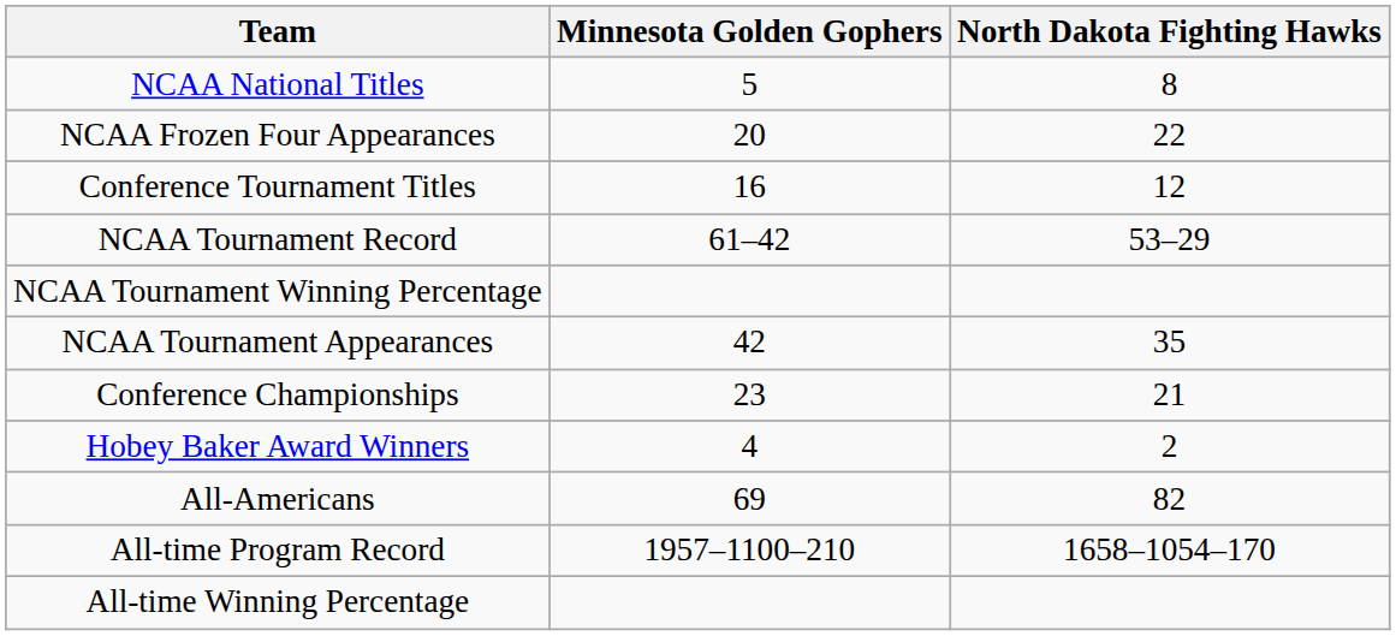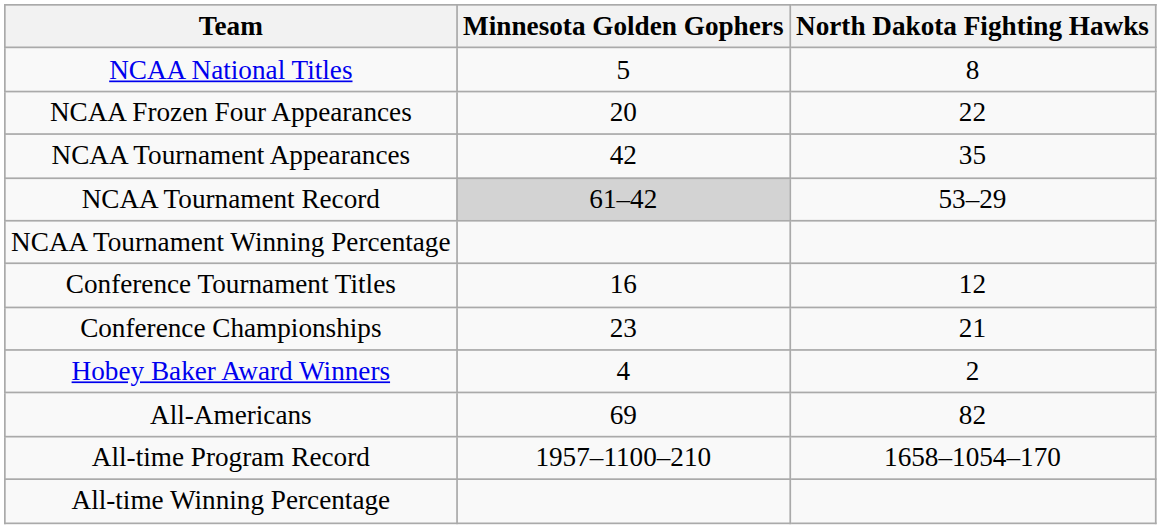 <table class="wikitable" style="text-align:center;">
 <tr>
 <th>Team</th>
 <th>Minnesota Golden Gophers</th>
 <th>North Dakota Fighting Hawks</th>
 </tr>
 <tr>
 <td><a href='#'>NCAA National Titles</a></td>
 <td>5</td>
 <td>8</td>
 </tr>
 <tr>
 <td>NCAA Frozen Four Appearances</td>
 <td>20</td>
 <td>22</td>
 </tr>
 <tr>
-<td>Conference Tournament Titles</td>
-<td>16</td>
-<td>12</td>
+<td>NCAA Tournament Appearances</td>
+<td>42</td>
+<td>35</td>
 </tr>
 <tr>
 <td>NCAA Tournament Record</td>
-<td>61–42</td>
+<td style="background: lightgrey;">61–42</td>
 <td>53–29</td>
 </tr>
 <tr>
 <td>NCAA Tournament Winning Percentage</td>
 <td></td>
 <td></td>
 </tr>
 <tr>
-<td>NCAA Tournament Appearances</td>
-<td>42</td>
-<td>35</td>
+<td>Conference Tournament Titles</td>
+<td>16</td>
+<td>12</td>
 </tr>
 <tr>
 <td>Conference Championships</td>
 <td>23</td>
 <td>21</td>
 </tr>
 <tr>
 <td><a href='#'>Hobey Baker Award Winners</a></td>
 <td>4</td>
 <td>2</td>
 </tr>
 <tr>
 <td>All-Americans</td>
 <td>69</td>
 <td>82</td>
 </tr>
 <tr>
 <td>All-time Program Record</td>
 <td>1957–1100–210</td>
 <td>1658–1054–170</td>
 </tr>
 <tr>
 <td>All-time Winning Percentage</td>
 <td></td>
 <td></td>
 </tr>
 </table>
